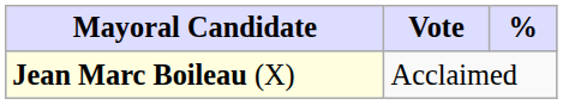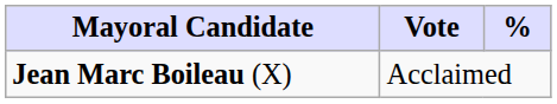 <table class="wikitable">
 <tr>
 <th style="background:#ddf; width:200px;">Mayoral Candidate</th>
 <th style="background:#ddf; width:50px;">Vote</th>
 <th style="background:#ddf; width:30px;">%</th>
 </tr>
 <tr>
-<td style="background: lightyellow;"><strong>Jean Marc Boileau</strong> (X)</td>
+<td><strong>Jean Marc Boileau</strong> (X)</td>
 <td colspan="2">Acclaimed</td>
 </tr>
 </table>
